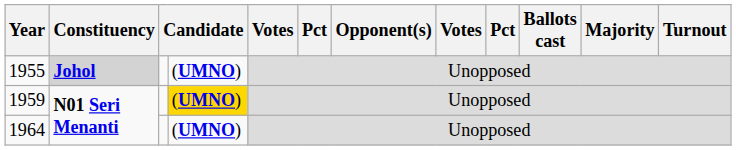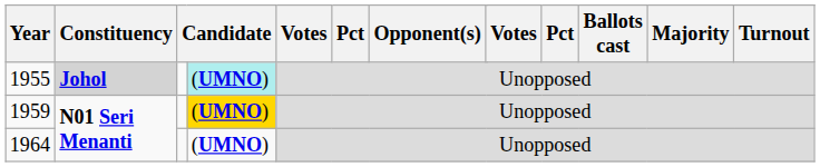 <table class="wikitable" style="margin:0.5em ; font-size:95%">
 <tr>
 <th>Year</th>
 <th>Constituency</th>
 <th colspan=2>Candidate</th>
 <th>Votes</th>
 <th>Pct</th>
 <th colspan=2>Opponent(s)</th>
 <th>Votes</th>
 <th>Pct</th>
 <th>Ballots cast</th>
 <th>Majority</th>
 <th>Turnout</th>
 </tr>
 <tr>
 <td>1955</td>
 <td style="background: lightgrey;"><strong><a href='#'>Johol</a></strong></td>
 <td></td>
-<td> (<a href='#'><strong>UMNO</strong></a>)</td>
+<td style="background: paleturquoise;"> (<a href='#'><strong>UMNO</strong></a>)</td>
 <td colspan="9" style="background:#dcdcdc; text-align:center;">Unopposed</td>
 </tr>
 <tr>
 <td>1959</td>
 <td rowspan=2><strong>N01 <a href='#'>Seri Menanti</a></strong></td>
 <td></td>
 <td style="background: gold;"> (<a href='#'><strong>UMNO</strong></a>)</td>
 <td colspan="9" style="background:#dcdcdc; text-align:center;">Unopposed</td>
 </tr>
 <tr>
 <td>1964</td>
 <td></td>
 <td> (<a href='#'><strong>UMNO</strong></a>)</td>
 <td colspan="9" style="background:#dcdcdc; text-align:center;">Unopposed</td>
 </tr>
 </table>
